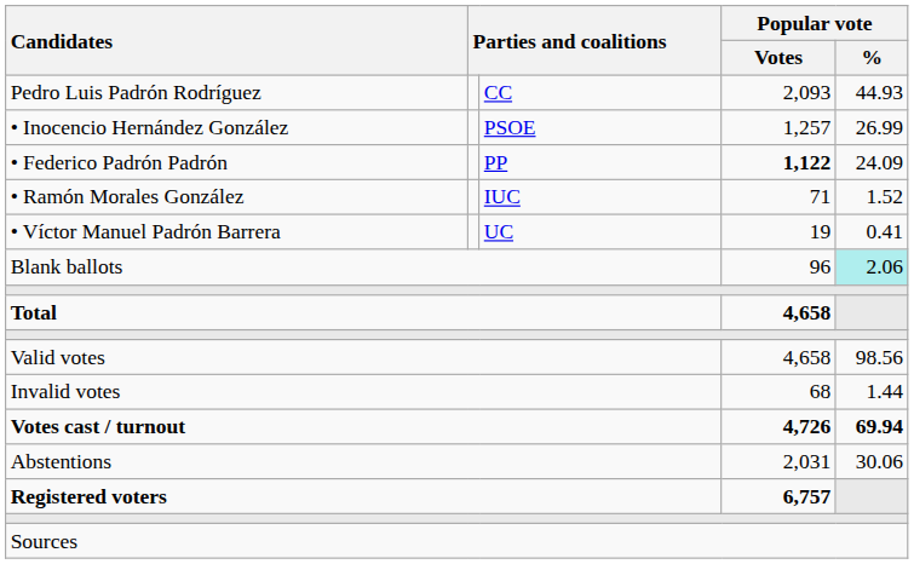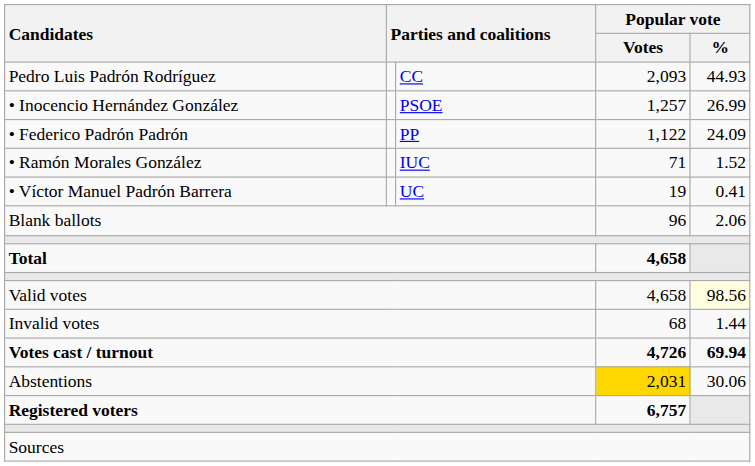 <table class="wikitable" style="text-align:right; font-size:95%;">
 <tr>
 <th style="text-align:left;" rowspan="2" width="325">Candidates</th>
 <th style="text-align:left;" rowspan="2" colspan="2" width="175">Parties and coalitions</th>
 <th colspan="2">Popular vote</th>
 </tr>
 <tr>
 <th width="75">Votes</th>
 <th width="45">%</th>
 </tr>
 <tr>
 <td align="left"> Pedro Luis Padrón Rodríguez</td>
 <td width="1" style="color:inherit;background:"></td>
 <td align="left"><a href='#'>CC</a></td>
 <td>2,093</td>
 <td>44.93</td>
 </tr>
 <tr>
 <td align="left">• Inocencio Hernández González</td>
 <td style="color:inherit;background:"></td>
 <td align="left"><a href='#'>PSOE</a></td>
 <td>1,257</td>
 <td>26.99</td>
 </tr>
 <tr>
 <td align="left">• Federico Padrón Padrón</td>
 <td style="color:inherit;background:"></td>
 <td align="left"><a href='#'>PP</a></td>
-<td><strong>1,122</strong></td>
+<td>1,122</td>
 <td>24.09</td>
 </tr>
 <tr>
 <td align="left">• Ramón Morales González</td>
 <td style="color:inherit;background:"></td>
 <td align="left"><a href='#'>IUC</a></td>
 <td>71</td>
 <td>1.52</td>
 </tr>
 <tr>
 <td align="left">• Víctor Manuel Padrón Barrera</td>
 <td style="color:inherit;background:"></td>
 <td align="left"><a href='#'>UC</a></td>
 <td>19</td>
 <td>0.41</td>
 </tr>
 <tr>
 <td align="left" colspan="3">Blank ballots</td>
 <td>96</td>
-<td style="background: paleturquoise;">2.06</td>
+<td>2.06</td>
 </tr>
 <tr>
 <td colspan="5" bgcolor="#E9E9E9"></td>
 </tr>
 <tr style="font-weight:bold;">
 <td align="left" colspan="3">Total</td>
 <td>4,658</td>
 <td bgcolor="#E9E9E9"></td>
 </tr>
 <tr>
 <td colspan="5" bgcolor="#E9E9E9"></td>
 </tr>
 <tr>
 <td align="left" colspan="3">Valid votes</td>
 <td>4,658</td>
-<td>98.56</td>
+<td style="background: lightyellow;">98.56</td>
 </tr>
 <tr>
 <td align="left" colspan="3">Invalid votes</td>
 <td>68</td>
 <td>1.44</td>
 </tr>
 <tr style="font-weight:bold;">
 <td align="left" colspan="3">Votes cast / turnout</td>
 <td>4,726</td>
 <td>69.94</td>
 </tr>
 <tr>
 <td align="left" colspan="3">Abstentions</td>
-<td>2,031</td>
+<td style="background: gold;">2,031</td>
 <td>30.06</td>
 </tr>
 <tr style="font-weight:bold;">
 <td align="left" colspan="3">Registered voters</td>
 <td>6,757</td>
 <td bgcolor="#E9E9E9"></td>
 </tr>
 <tr>
 <td colspan="5" bgcolor="#E9E9E9"></td>
 </tr>
 <tr>
 <td align="left" colspan="5">Sources</td>
 </tr>
 </table>
